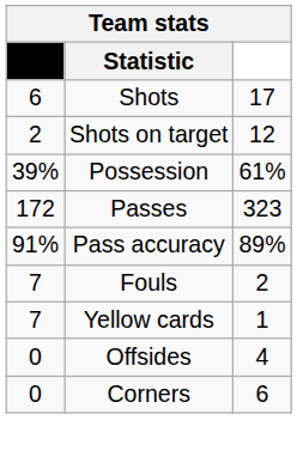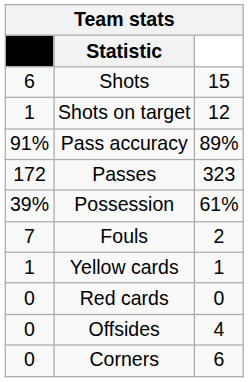 <table class="wikitable" style="margin-left: auto; margin-right: auto; border: none; text-align:center;">
 <tr>
 <th colspan=3>Team stats</th>
 </tr>
 <tr>
 <th style="background: #000000; color: #000000;"> <a href='#'></a></th>
 <th>Statistic</th>
 <th style="background: #FFFFFF; color: #3C3B6E;"> <a href='#'></a></th>
 </tr>
 <tr>
 <td>6</td>
 <td>Shots</td>
-<td>17</td>
+<td>15</td>
 </tr>
 <tr>
-<td>2</td>
+<td>1</td>
 <td>Shots on target</td>
 <td>12</td>
+</tr>
+<tr>
+<td>91%</td>
+<td>Pass accuracy</td>
+<td>89%</td>
+</tr>
+<tr>
+<td>172</td>
+<td>Passes</td>
+<td>323</td>
 </tr>
 <tr>
 <td>39%</td>
 <td>Possession</td>
 <td>61%</td>
 </tr>
 <tr>
-<td>172</td>
-<td>Passes</td>
-<td>323</td>
-</tr>
-<tr>
-<td>91%</td>
-<td>Pass accuracy</td>
-<td>89%</td>
-</tr>
-<tr>
 <td>7</td>
 <td>Fouls</td>
 <td>2</td>
 </tr>
 <tr>
-<td>7</td>
+<td>1</td>
 <td>Yellow cards</td>
 <td>1</td>
+</tr>
+<tr>
+<td>0</td>
+<td>Red cards</td>
+<td>0</td>
 </tr>
 <tr>
 <td>0</td>
 <td>Offsides</td>
 <td>4</td>
 </tr>
 <tr>
 <td>0</td>
 <td>Corners</td>
 <td>6</td>
 </tr>
 </table>
